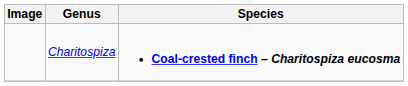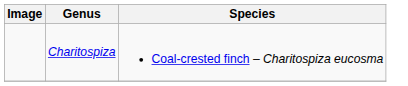 <table class="wikitable">
 <tr>
 <th>Image</th>
 <th>Genus</th>
 <th>Species</th>
 </tr>
 <tr>
 <td></td>
 <td><em><a href='#'>Charitospiza</a></em> </td>
-<td><strong><br><ul><li><a href='#'>Coal-crested finch</a> – <em>Charitospiza eucosma</em></li></ul></strong></td>
+<td><br><ul><li><a href='#'>Coal-crested finch</a> – <em>Charitospiza eucosma</em></li></ul></td>
 </tr>
 <tr>
 </tr>
 </table>
